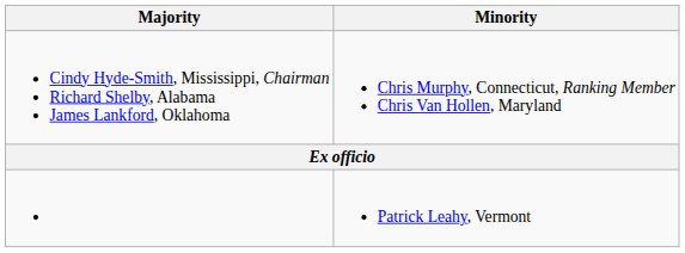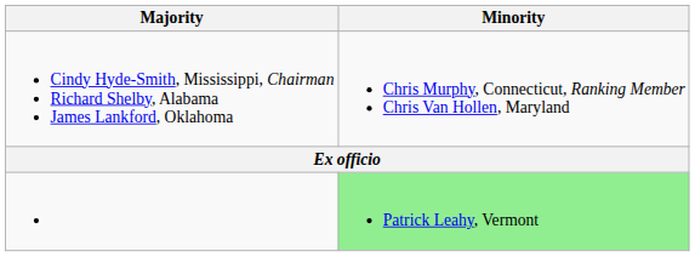 <table class=wikitable>
 <tr>
 <th>Majority</th>
 <th>Minority</th>
 </tr>
 <tr>
 <td><br><ul><li><a href='#'>Cindy Hyde-Smith</a>, Mississippi, <em>Chairman</em></li><li><a href='#'>Richard Shelby</a>, Alabama</li><li><a href='#'>James Lankford</a>, Oklahoma</li></ul></td>
 <td><br><ul><li><a href='#'>Chris Murphy</a>, Connecticut, <em>Ranking Member</em></li><li><a href='#'>Chris Van Hollen</a>, Maryland</li></ul></td>
 </tr>
 <tr>
 <th colspan=2 align=center><em>Ex officio</em></th>
 </tr>
 <tr>
 <td><br><ul><li></li></ul></td>
-<td><br><ul><li><a href='#'>Patrick Leahy</a>, Vermont</li></ul></td>
+<td style="background: lightgreen;"><br><ul><li><a href='#'>Patrick Leahy</a>, Vermont</li></ul></td>
 </tr>
 </table>
